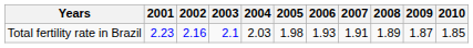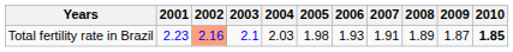 <table class="wikitable " style="text-align:right">
 <tr>
 <th>Years</th>
 <th>2001</th>
 <th>2002</th>
 <th>2003</th>
 <th>2004</th>
 <th>2005</th>
 <th>2006</th>
 <th>2007</th>
 <th>2008</th>
 <th>2009</th>
 <th>2010</th>
 </tr>
 <tr>
 <td align="left">Total fertility rate in Brazil</td>
 <td style="text-align:right; color:blue;">2.23</td>
-<td style="text-align:right; color:blue;">2.16</td>
+<td style="background: lightsalmon; text-align:right; color:blue;">2.16</td>
 <td style="text-align:right; color:blue;">2.1</td>
 <td>2.03</td>
 <td>1.98</td>
 <td>1.93</td>
 <td>1.91</td>
 <td>1.89</td>
 <td>1.87</td>
-<td>1.85</td>
+<td><strong>1.85</strong></td>
 </tr>
 </table>
